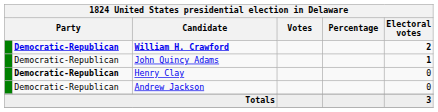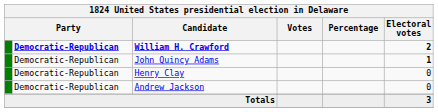 <table class="wikitable" style="font-size: 95%;">
 <tr>
 <th colspan="6">1824 United States presidential election in Delaware</th>
 </tr>
 <tr>
 <th colspan="2" style="width: 15em">Party</th>
 <th style="width: 17em">Candidate</th>
 <th style="width: 5em">Votes</th>
 <th style="width: 7em">Percentage</th>
 <th style="width: 5em">Electoral votes</th>
 </tr>
 <tr>
 <th style="background-color:#008000; width: 3px"></th>
 <td style="width: 130px"><strong><a href='#'>Democratic-Republican</a></strong></td>
 <td><strong><a href='#'>William H. Crawford</a></strong></td>
 <td align="right"></td>
 <td align="right"></td>
 <td align="right"><strong>2</strong></td>
 </tr>
 <tr>
 <th style="background-color:#008000; width: 3px"></th>
 <td style="width: 130px">Democratic-Republican</td>
 <td><a href='#'>John Quincy Adams</a></td>
 <td align="right"></td>
 <td align="right"></td>
 <td align="right"><strong>1</strong></td>
 </tr>
 <tr>
 <th style="background-color:#008000; width: 3px"></th>
-<td style="width: 130px"><strong>Democratic-Republican</strong></td>
+<td style="width: 130px">Democratic-Republican</td>
 <td><a href='#'>Henry Clay</a></td>
 <td align="right"></td>
 <td align="right"></td>
 <td align="right">0</td>
 </tr>
 <tr>
 <th style="background-color:#008000; width: 3px"></th>
 <td style="width: 130px">Democratic-Republican</td>
 <td><a href='#'>Andrew Jackson</a></td>
 <td align="right"></td>
 <td align="right"></td>
 <td align="right">0</td>
 </tr>
 <tr>
 </tr>
 <tr bgcolor="#EEEEEE">
 <td colspan="3" align="right"><strong>Totals</strong></td>
 <td align="right"></td>
 <td align="right"></td>
 <td align="right"><strong>3</strong></td>
 </tr>
 <tr>
 </tr>
 </table>
